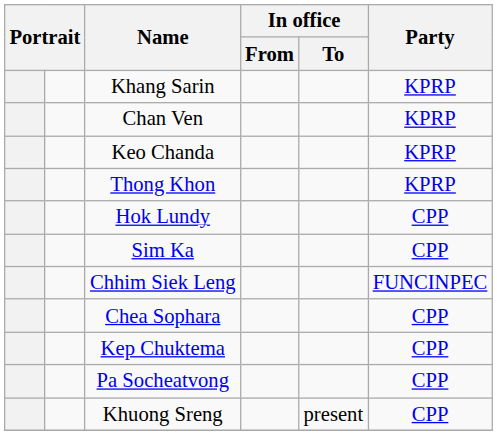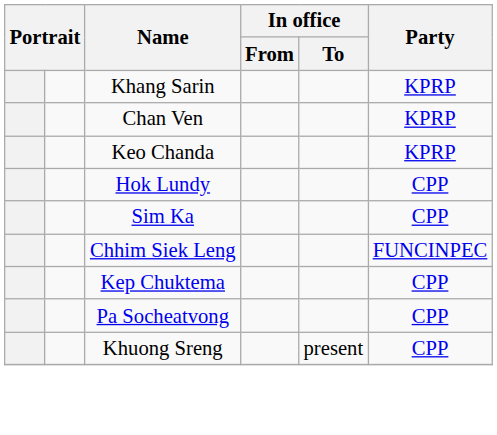 <table class="wikitable sortable" style="text-align: center;">
 <tr>
 <th class="unsortable" colspan="2" rowspan="2">Portrait</th>
 <th class="unsortable" rowspan="2">Name</th>
 <th class="unsortable" colspan="2">In office</th>
 <th class="unsortable" rowspan="2">Party</th>
 </tr>
 <tr>
 <th class="unsortable">From</th>
 <th class="unsortable">To</th>
 </tr>
 <tr>
 <th style="background:"></th>
 <td></td>
 <td>Khang Sarin</td>
 <td></td>
 <td></td>
 <td><a href='#'>KPRP</a></td>
 </tr>
 <tr>
 <th style="background:"></th>
 <td></td>
 <td>Chan Ven</td>
 <td></td>
 <td></td>
 <td><a href='#'>KPRP</a></td>
 </tr>
 <tr>
 <th style="background:"></th>
 <td></td>
 <td>Keo Chanda</td>
 <td></td>
 <td></td>
 <td><a href='#'>KPRP</a></td>
 </tr>
 <tr>
 <th style="background:"></th>
 <td></td>
-<td><a href='#'>Thong Khon</a><br></td>
-<td></td>
-<td></td>
-<td><a href='#'>KPRP</a></td>
-</tr>
-<tr>
-<th style="background:"></th>
-<td></td>
 <td><a href='#'>Hok Lundy</a><br></td>
 <td></td>
 <td></td>
 <td><a href='#'>CPP</a></td>
 </tr>
 <tr>
 <th style="background:"></th>
 <td></td>
 <td><a href='#'>Sim Ka</a></td>
 <td></td>
 <td></td>
 <td><a href='#'>CPP</a></td>
 </tr>
 <tr>
 <th style="background:"></th>
 <td></td>
 <td><a href='#'>Chhim Siek Leng</a><br></td>
 <td></td>
 <td></td>
 <td><a href='#'>FUNCINPEC</a></td>
-</tr>
-<tr>
-<th style="background:"></th>
-<td></td>
-<td><a href='#'>Chea Sophara</a><br></td>
-<td></td>
-<td></td>
-<td><a href='#'>CPP</a></td>
 </tr>
 <tr>
 <th style="background:"></th>
 <td></td>
 <td><a href='#'>Kep Chuktema</a><br></td>
 <td></td>
 <td></td>
 <td><a href='#'>CPP</a></td>
 </tr>
 <tr>
 <th style="background:"></th>
 <td></td>
 <td><a href='#'>Pa Socheatvong</a><br></td>
 <td></td>
 <td></td>
 <td><a href='#'>CPP</a></td>
 </tr>
 <tr>
 <th style="background:"></th>
 <td></td>
 <td>Khuong Sreng</td>
 <td></td>
 <td>present</td>
 <td><a href='#'>CPP</a></td>
 </tr>
 <tr>
 </tr>
 </table>
